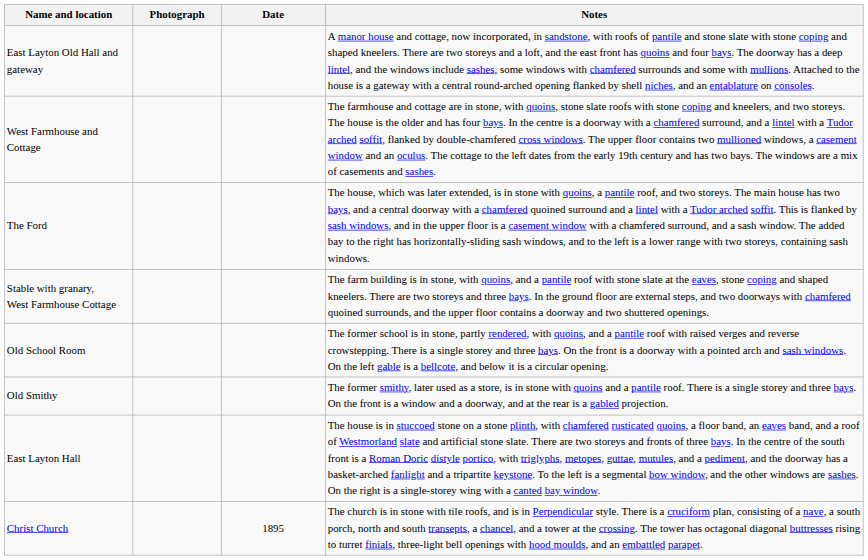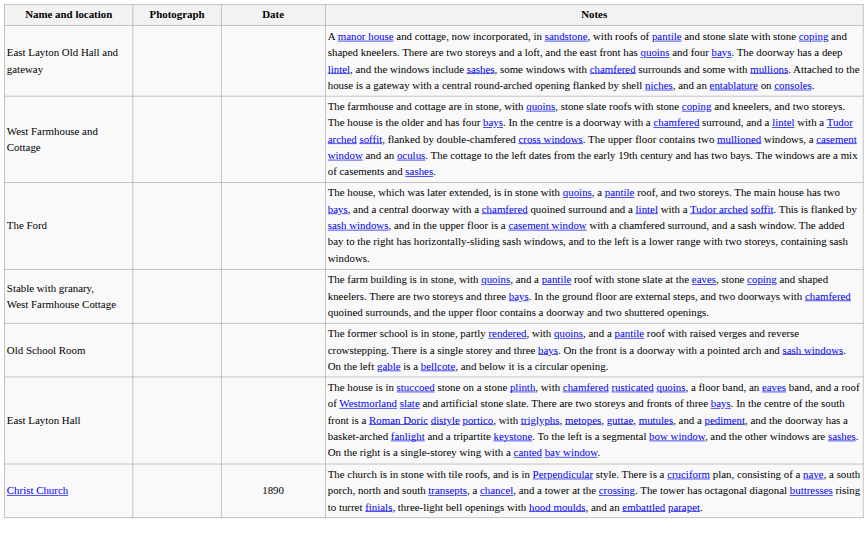 <table class="wikitable sortable plainrowheaders" style="width:100%;border:0px;text-align:left;line-height:150%;">
 <tr>
 <th scope="col"  style="width:150px">Name and location</th>
 <th scope="col"  style="width:100px" class="unsortable">Photograph</th>
 <th scope="col"  style="width:120px">Date</th>
 <th scope="col"  style="width:650px" class ="unsortable">Notes</th>
 </tr>
 <tr>
 <td>East Layton Old Hall and gateway<br><small></small></td>
 <td></td>
 <td align="center"></td>
 <td>A <a href='#'>manor house</a> and cottage, now incorporated, in <a href='#'>sandstone</a>, with roofs of <a href='#'>pantile</a> and stone slate with stone <a href='#'>coping</a> and shaped kneelers.  There are two storeys and a loft, and the east front has <a href='#'>quoins</a> and four <a href='#'>bays</a>.  The doorway has a deep <a href='#'>lintel</a>, and the windows include <a href='#'>sashes</a>, some windows with <a href='#'>chamfered</a> surrounds and some with <a href='#'>mullions</a>.  Attached to the house is a gateway with a central round-arched opening flanked by shell <a href='#'>niches</a>, and an <a href='#'>entablature</a> on <a href='#'>consoles</a>.</td>
 </tr>
 <tr>
 <td>West Farmhouse and Cottage<br><small></small></td>
 <td></td>
 <td align="center"></td>
 <td>The farmhouse and cottage are in stone, with <a href='#'>quoins</a>, stone slate roofs with stone <a href='#'>coping</a> and kneelers, and two storeys.  The house is the older and has four <a href='#'>bays</a>.  In the centre is a doorway with a <a href='#'>chamfered</a> surround, and a <a href='#'>lintel</a> with a <a href='#'>Tudor arched</a> <a href='#'>soffit</a>, flanked by double-chamfered <a href='#'>cross windows</a>.  The upper floor contains two <a href='#'>mullioned</a> windows, a <a href='#'>casement window</a> and an <a href='#'>oculus</a>.  The cottage to the left dates from the early 19th century and has two bays.  The windows are a mix of casements and <a href='#'>sashes</a>.</td>
 </tr>
 <tr>
 <td>The Ford<br><small></small></td>
 <td></td>
 <td align="center"></td>
 <td>The house, which was later extended, is in stone with <a href='#'>quoins</a>, a <a href='#'>pantile</a> roof, and two storeys.  The main house has two <a href='#'>bays</a>, and a central doorway with a <a href='#'>chamfered</a> quoined surround and a <a href='#'>lintel</a> with a <a href='#'>Tudor arched</a> <a href='#'>soffit</a>.  This is flanked by <a href='#'>sash windows</a>, and in the upper floor is a <a href='#'>casement window</a> with a chamfered surround, and a sash window.  The added bay to the right has horizontally-sliding sash windows, and to the left is a lower range with two storeys, containing sash windows.</td>
 </tr>
 <tr>
 <td>Stable with granary,<br>West Farmhouse Cottage<br><small></small></td>
 <td></td>
 <td align="center"></td>
 <td>The farm building is in stone, with <a href='#'>quoins</a>, and a <a href='#'>pantile</a> roof with stone slate at the <a href='#'>eaves</a>, stone <a href='#'>coping</a> and shaped kneelers.  There are two storeys and three <a href='#'>bays</a>.  In the ground floor are external steps, and two doorways with <a href='#'>chamfered</a> quoined surrounds, and the upper floor contains a doorway and two shuttered openings.</td>
 </tr>
 <tr>
 <td>Old School Room<br><small></small></td>
 <td></td>
 <td align="center"></td>
 <td>The former school is in stone, partly <a href='#'>rendered</a>, with <a href='#'>quoins</a>, and a <a href='#'>pantile</a> roof with raised verges and reverse crowstepping.  There is a single storey and three <a href='#'>bays</a>.  On the front is a doorway with a pointed arch and <a href='#'>sash windows</a>.  On the left <a href='#'>gable</a> is a <a href='#'>bellcote</a>, and below it is a circular opening.</td>
 </tr>
 <tr>
-<td>Old Smithy<br><small></small></td>
-<td></td>
-<td align="center"></td>
-<td>The former <a href='#'>smithy</a>, later used as a store, is in stone with <a href='#'>quoins</a> and a <a href='#'>pantile</a> roof.  There is a single storey and three <a href='#'>bays</a>.  On the front is a window and a doorway, and at the rear is a <a href='#'>gabled</a> projection.</td>
-</tr>
-<tr>
 <td>East Layton Hall<br><small></small></td>
 <td></td>
 <td align="center"></td>
 <td>The house is in <a href='#'>stuccoed</a> stone on a stone <a href='#'>plinth</a>, with <a href='#'>chamfered</a> <a href='#'>rusticated</a> <a href='#'>quoins</a>, a floor band, an <a href='#'>eaves</a> band, and a roof of <a href='#'>Westmorland</a> <a href='#'>slate</a> and artificial stone slate.  There are two storeys and fronts of three <a href='#'>bays</a>.  In the centre of the south front is a <a href='#'>Roman Doric</a> <a href='#'>distyle</a> <a href='#'>portico</a>, with <a href='#'>triglyphs</a>, <a href='#'>metopes</a>, <a href='#'>guttae</a>, <a href='#'>mutules</a>, and a <a href='#'>pediment</a>, and the doorway has a basket-arched <a href='#'>fanlight</a> and a tripartite <a href='#'>keystone</a>.  To the left is a segmental <a href='#'>bow window</a>, and the other windows are <a href='#'>sashes</a>.  On the right is a single-storey wing with a <a href='#'>canted</a> <a href='#'>bay window</a>.</td>
 </tr>
 <tr>
 <td><a href='#'>Christ Church</a><br><small></small></td>
 <td></td>
-<td align="center">1895</td>
+<td align="center">1890</td>
 <td>The church is in stone with tile roofs, and is in <a href='#'>Perpendicular</a> style.  There is a <a href='#'>cruciform</a> plan, consisting of a <a href='#'>nave</a>, a south porch, north and south <a href='#'>transepts</a>, a <a href='#'>chancel</a>, and a tower at the <a href='#'>crossing</a>.  The tower has octagonal diagonal <a href='#'>buttresses</a> rising to turret <a href='#'>finials</a>, three-light bell openings with <a href='#'>hood moulds</a>, and an <a href='#'>embattled</a> <a href='#'>parapet</a>.</td>
 </tr>
 <tr>
 </tr>
 </table>
